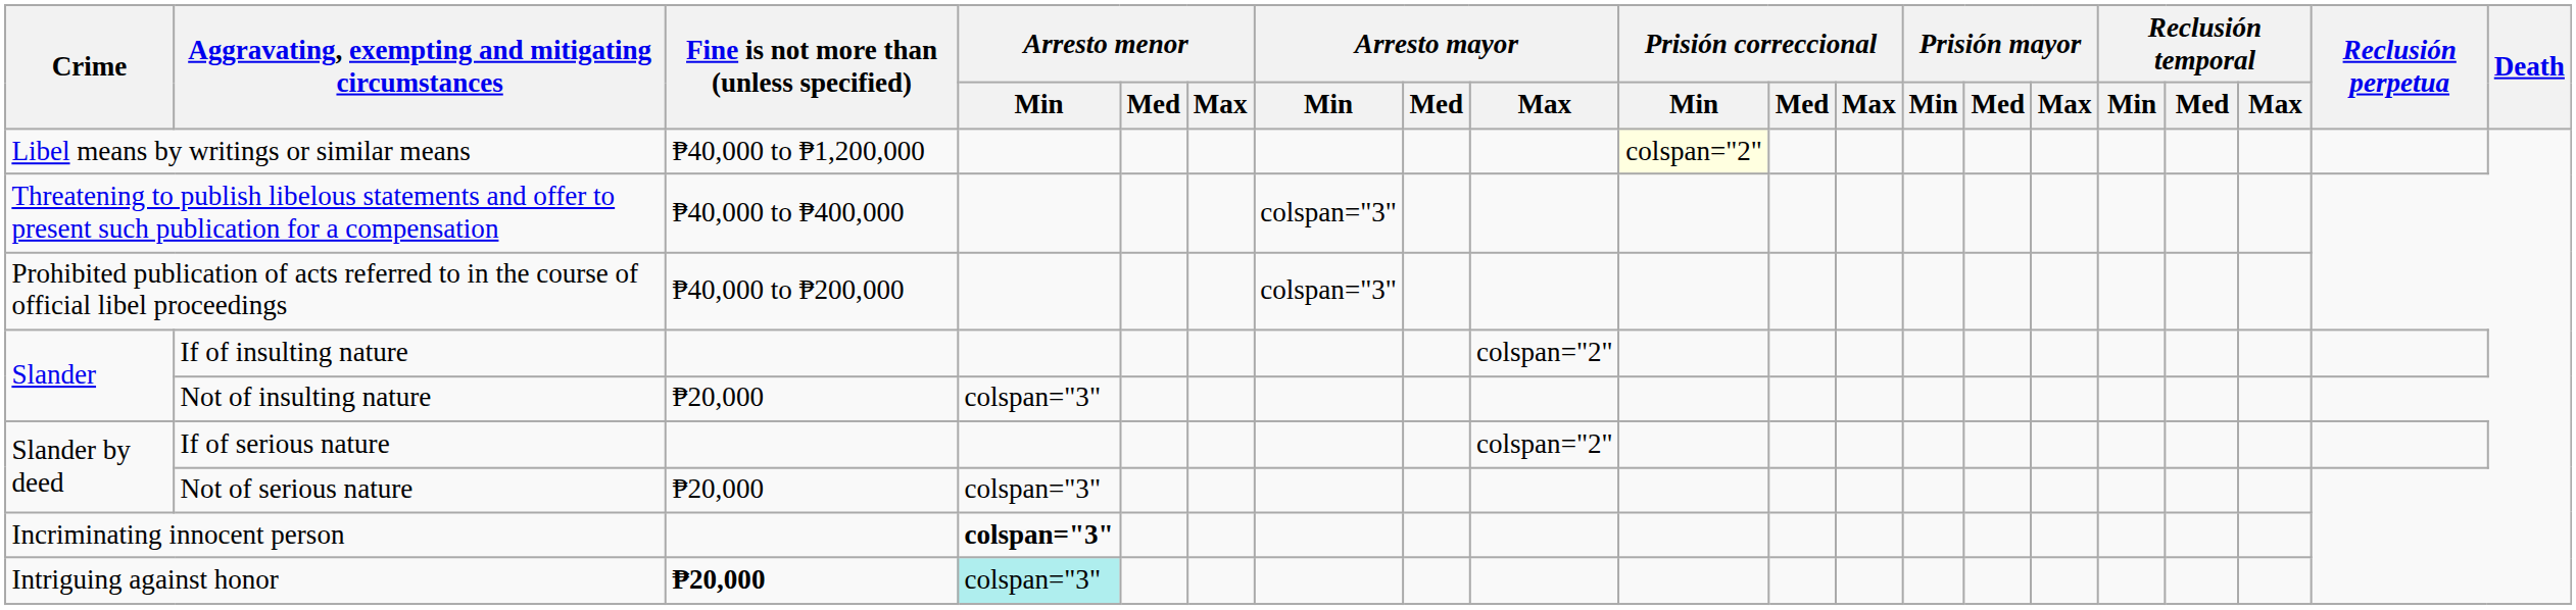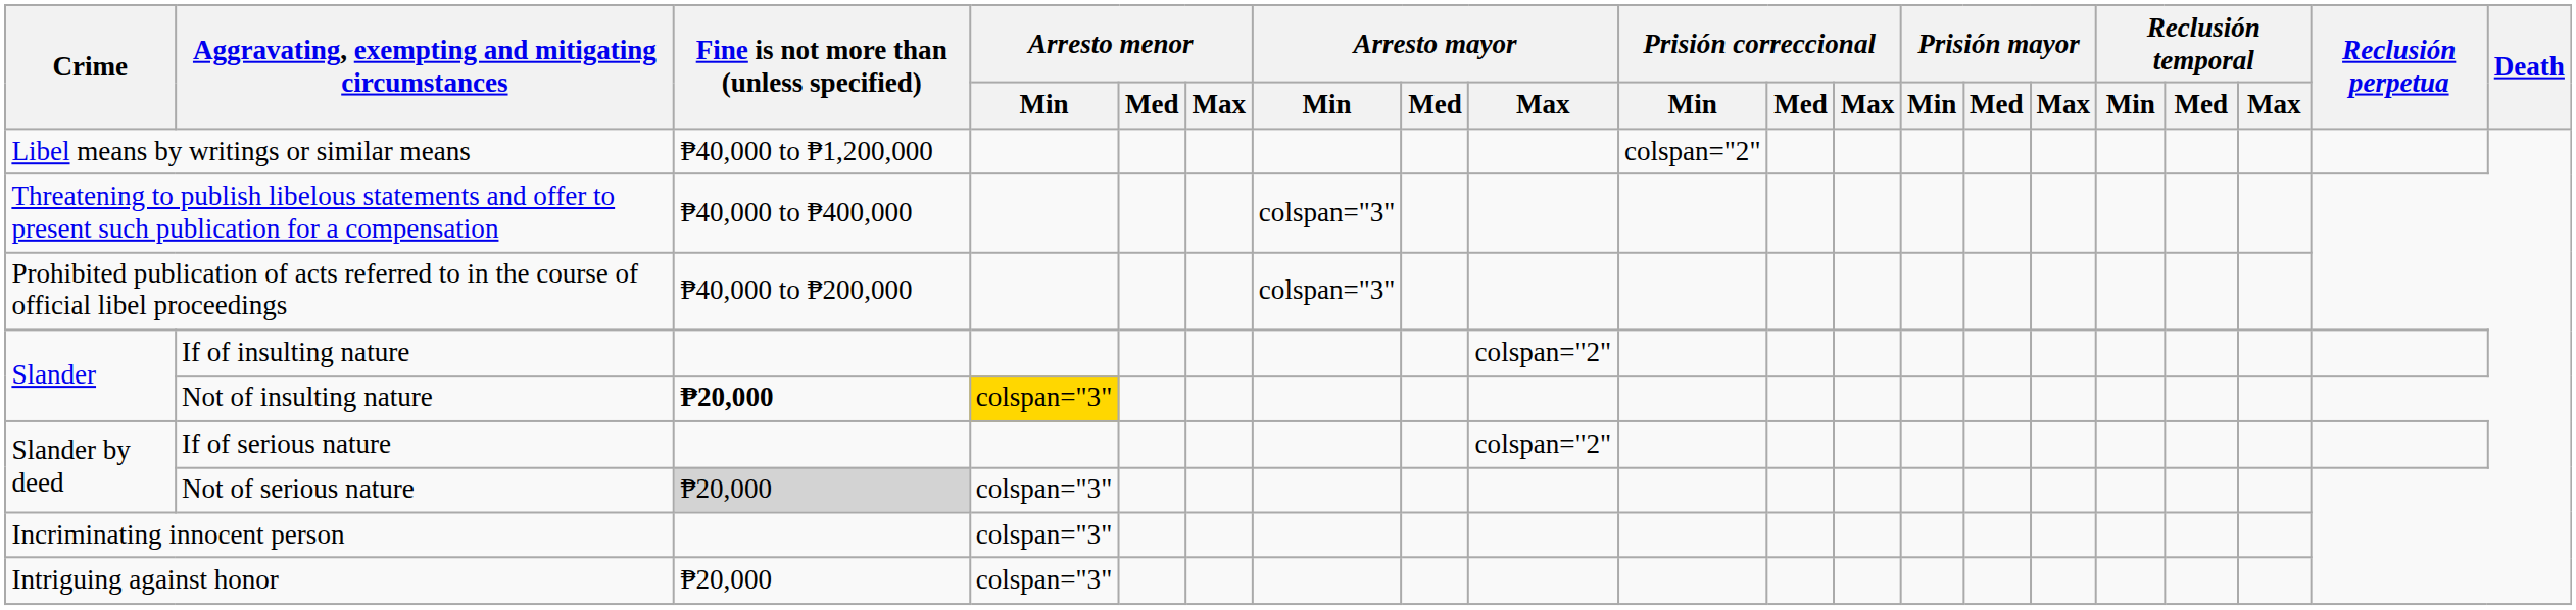 <table class="wikitable" style="font-size:85%;" width="100%">
 <tr>
 <th rowspan="2">Crime</th>
 <th rowspan="2"><a href='#'>Aggravating</a>, <a href='#'>exempting and mitigating circumstances</a></th>
 <th rowspan="2"><a href='#'>Fine</a> is not more than (unless specified)</th>
 <th colspan="3"><em>Arresto menor</em></th>
 <th colspan="3"><em>Arresto mayor</em></th>
 <th colspan="3"><em>Prisión correccional</em></th>
 <th colspan="3"><em>Prisión mayor</em></th>
 <th colspan="3"><em>Reclusión temporal</em></th>
 <th rowspan="2"><em><a href='#'>Reclusión perpetua</a></em></th>
 <th rowspan="2"><a href='#'>Death</a></th>
 </tr>
 <tr>
 <th>Min</th>
 <th>Med</th>
 <th>Max</th>
 <th>Min</th>
 <th>Med</th>
 <th>Max</th>
 <th>Min</th>
 <th>Med</th>
 <th>Max</th>
 <th>Min</th>
 <th>Med</th>
 <th>Max</th>
 <th>Min</th>
 <th>Med</th>
 <th>Max</th>
 </tr>
 <tr>
 <td colspan="2"><a href='#'>Libel</a> means by writings or similar means</td>
 <td>₱40,000 to ₱1,200,000</td>
 <td></td>
 <td></td>
 <td></td>
 <td></td>
 <td></td>
 <td></td>
-<td style="background: lightyellow;">colspan="2" </td>
+<td>colspan="2" </td>
 <td></td>
 <td></td>
 <td></td>
 <td></td>
 <td></td>
 <td></td>
 <td></td>
 <td></td>
 <td></td>
 </tr>
 <tr>
 <td colspan="2"><a href='#'>Threatening to publish libelous statements and offer to present such publication for a compensation</a></td>
 <td>₱40,000 to ₱400,000</td>
 <td></td>
 <td></td>
 <td></td>
 <td>colspan="3" </td>
 <td></td>
 <td></td>
 <td></td>
 <td></td>
 <td></td>
 <td></td>
 <td></td>
 <td></td>
 <td></td>
 <td></td>
 <td></td>
 </tr>
 <tr>
 <td colspan="2">Prohibited publication of acts referred to in the course of official libel proceedings</td>
 <td>₱40,000 to ₱200,000</td>
 <td></td>
 <td></td>
 <td></td>
 <td>colspan="3" </td>
 <td></td>
 <td></td>
 <td></td>
 <td></td>
 <td></td>
 <td></td>
 <td></td>
 <td></td>
 <td></td>
 <td></td>
 <td></td>
 </tr>
 <tr>
 <td rowspan="2"><a href='#'>Slander</a></td>
 <td>If of insulting nature</td>
 <td></td>
 <td></td>
 <td></td>
 <td></td>
 <td></td>
 <td></td>
 <td>colspan="2" </td>
 <td></td>
 <td></td>
 <td></td>
 <td></td>
 <td></td>
 <td></td>
 <td></td>
 <td></td>
 <td></td>
 <td></td>
 </tr>
 <tr>
 <td>Not of insulting nature</td>
-<td>₱20,000</td>
-<td>colspan="3" </td>
+<td><strong>₱20,000</strong></td>
+<td style="background: gold;">colspan="3" </td>
 <td></td>
 <td></td>
 <td></td>
 <td></td>
 <td></td>
 <td></td>
 <td></td>
 <td></td>
 <td></td>
 <td></td>
 <td></td>
 <td></td>
 <td></td>
 <td></td>
 </tr>
 <tr>
 <td rowspan="2">Slander by deed</td>
 <td>If of serious nature</td>
 <td></td>
 <td></td>
 <td></td>
 <td></td>
 <td></td>
 <td></td>
 <td>colspan="2" </td>
 <td></td>
 <td></td>
 <td></td>
 <td></td>
 <td></td>
 <td></td>
 <td></td>
 <td></td>
 <td></td>
 <td></td>
 </tr>
 <tr>
 <td>Not of serious nature</td>
-<td>₱20,000</td>
+<td style="background: lightgrey;">₱20,000</td>
 <td>colspan="3" </td>
 <td></td>
 <td></td>
 <td></td>
 <td></td>
 <td></td>
 <td></td>
 <td></td>
 <td></td>
 <td></td>
 <td></td>
 <td></td>
 <td></td>
 <td></td>
 <td></td>
 </tr>
 <tr>
 <td colspan="2">Incriminating innocent person</td>
 <td></td>
-<td><strong>colspan="3" </strong></td>
+<td>colspan="3" </td>
 <td></td>
 <td></td>
 <td></td>
 <td></td>
 <td></td>
 <td></td>
 <td></td>
 <td></td>
 <td></td>
 <td></td>
 <td></td>
 <td></td>
 <td></td>
 <td></td>
 </tr>
 <tr>
 <td colspan="2">Intriguing against honor</td>
-<td><strong>₱20,000</strong></td>
-<td style="background: paleturquoise;">colspan="3" </td>
+<td>₱20,000</td>
+<td>colspan="3" </td>
 <td></td>
 <td></td>
 <td></td>
 <td></td>
 <td></td>
 <td></td>
 <td></td>
 <td></td>
 <td></td>
 <td></td>
 <td></td>
 <td></td>
 <td></td>
 <td></td>
 </tr>
 </table>
